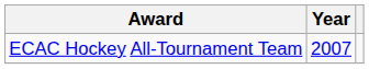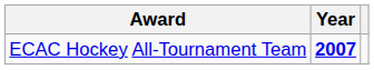 <table class="wikitable">
 <tr>
 <th>Award</th>
 <th>Year</th>
 <th></th>
 </tr>
 <tr>
 <td><a href='#'>ECAC Hockey</a> <a href='#'>All-Tournament Team</a></td>
-<td><a href='#'>2007</a></td>
+<td><strong><a href='#'>2007</a></strong></td>
 <td></td>
 </tr>
 <tr>
 </tr>
 </table>
